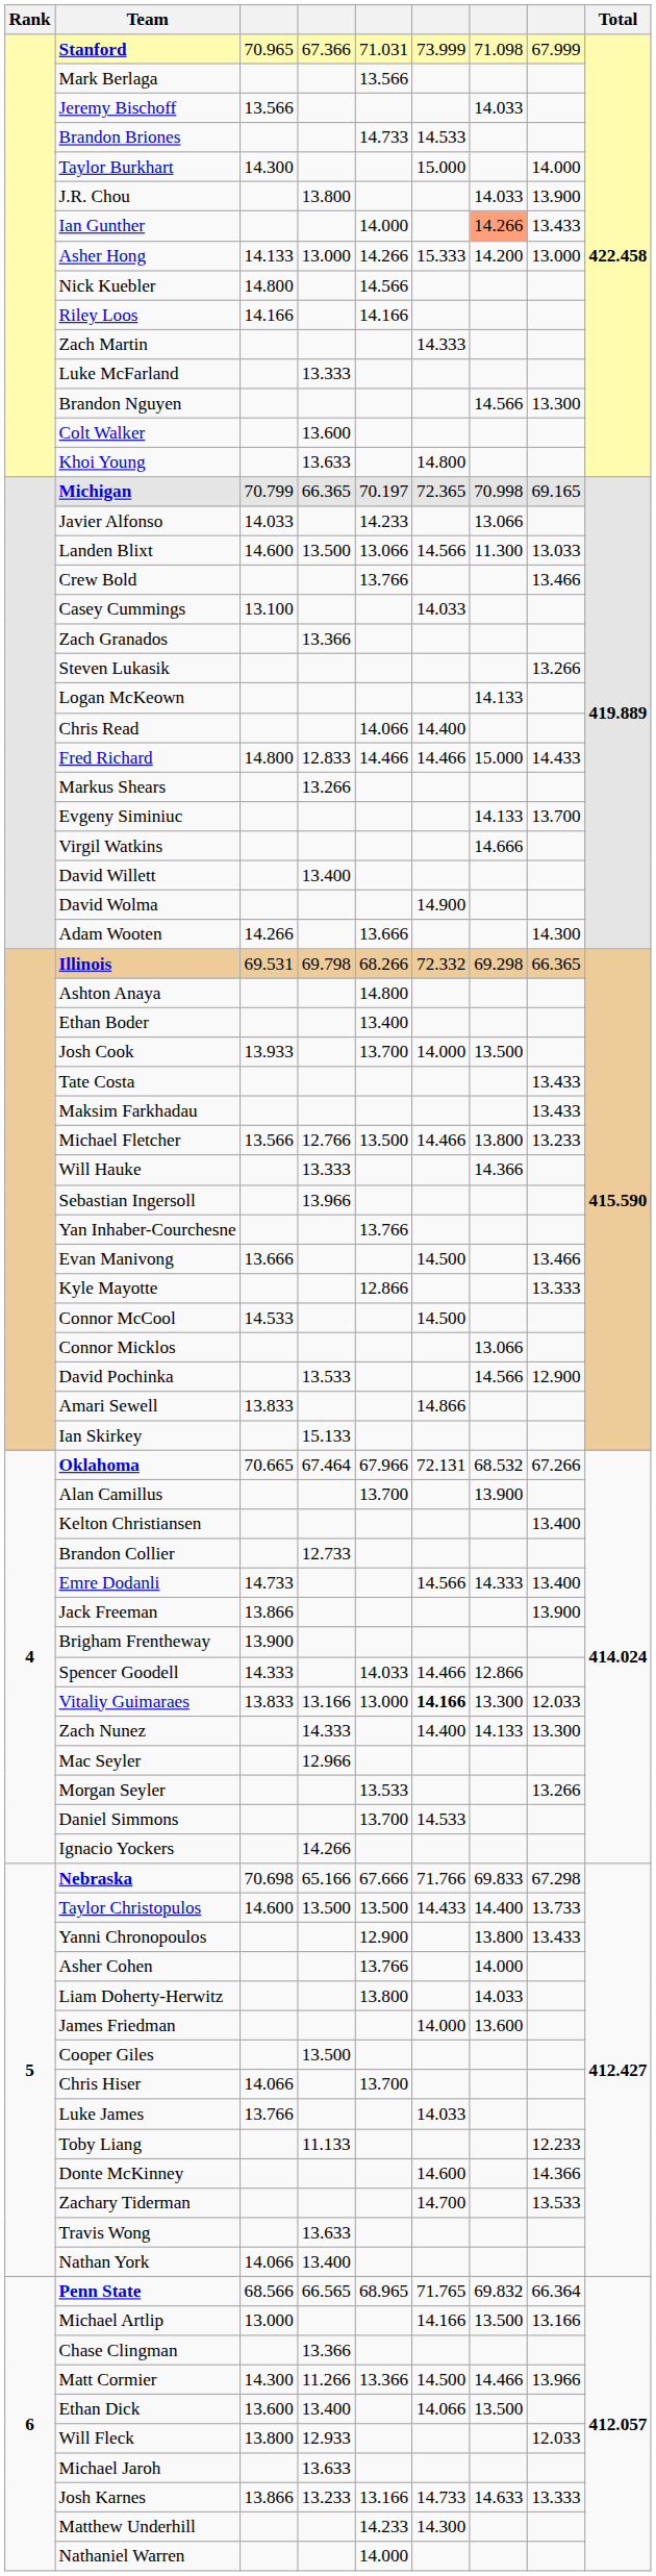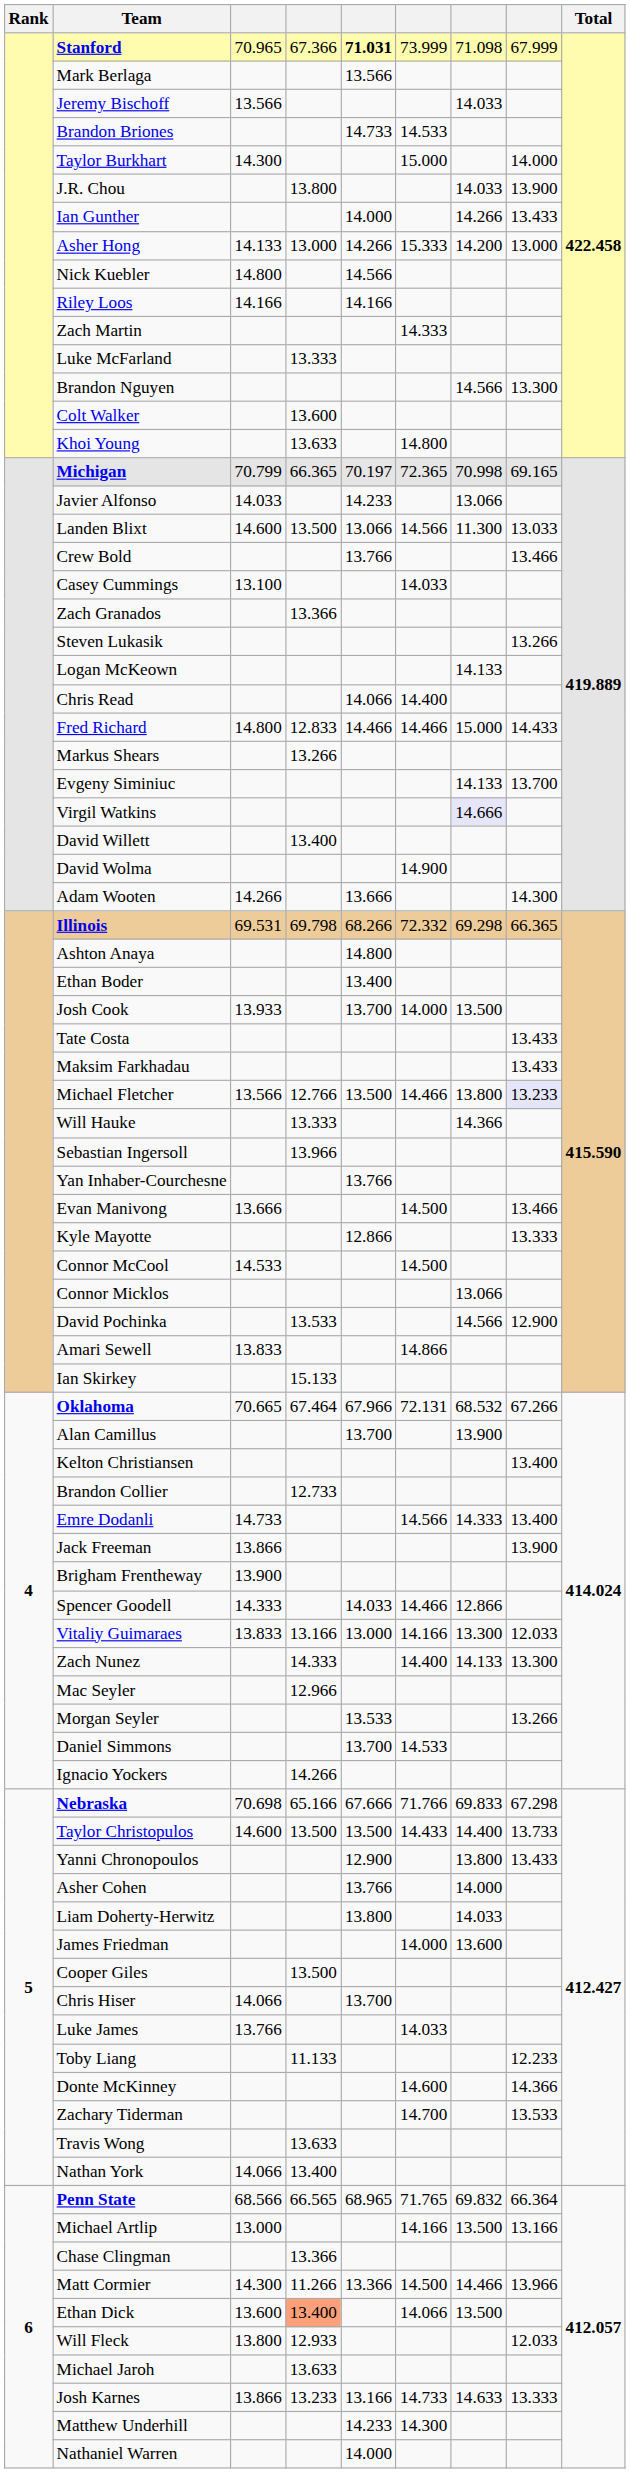 <table class="wikitable" style="text-align:center; font-size:95%">
 <tr>
 <th rowspan="1">Rank</th>
 <th rowspan="1">Team</th>
 <th colspan="1"></th>
 <th colspan="1"></th>
 <th colspan="1"></th>
 <th colspan="1"></th>
 <th colspan="1"></th>
 <th colspan="1"></th>
 <th rowspan="1">Total</th>
 </tr>
 <tr style="background:#fffcaf;">
 <td rowspan="15"></td>
 <td style="text-align:left;"><strong><a href='#'>Stanford</a></strong></td>
 <td>70.965</td>
 <td>67.366</td>
-<td>71.031</td>
+<td><strong>71.031</strong></td>
 <td>73.999</td>
 <td>71.098</td>
 <td>67.999</td>
 <td rowspan="15"><strong>422.458</strong></td>
 </tr>
 <tr>
 <td style="text-align:left;">Mark Berlaga</td>
 <td></td>
 <td></td>
 <td>13.566</td>
 <td></td>
 <td></td>
 <td></td>
 </tr>
 <tr>
 <td style="text-align:left;"><a href='#'>Jeremy Bischoff</a></td>
 <td>13.566</td>
 <td></td>
 <td></td>
 <td></td>
 <td>14.033</td>
 <td></td>
 </tr>
 <tr>
 <td style="text-align:left;"><a href='#'>Brandon Briones</a></td>
 <td></td>
 <td></td>
 <td>14.733</td>
 <td>14.533</td>
 <td></td>
 <td></td>
 </tr>
 <tr>
 <td style="text-align:left;"><a href='#'>Taylor Burkhart</a></td>
 <td>14.300</td>
 <td></td>
 <td></td>
 <td>15.000</td>
 <td></td>
 <td>14.000</td>
 </tr>
 <tr>
 <td style="text-align:left;">J.R. Chou</td>
 <td></td>
 <td>13.800</td>
 <td></td>
 <td></td>
 <td>14.033</td>
 <td>13.900</td>
 </tr>
 <tr>
 <td style="text-align:left;"><a href='#'>Ian Gunther</a></td>
 <td></td>
 <td></td>
 <td>14.000</td>
 <td></td>
-<td style="background: lightsalmon;">14.266</td>
+<td>14.266</td>
 <td>13.433</td>
 </tr>
 <tr>
 <td style="text-align:left;"><a href='#'>Asher Hong</a></td>
 <td>14.133</td>
 <td>13.000</td>
 <td>14.266</td>
 <td>15.333</td>
 <td>14.200</td>
 <td>13.000</td>
 </tr>
 <tr>
 <td style="text-align:left;">Nick Kuebler</td>
 <td>14.800</td>
 <td></td>
 <td>14.566</td>
 <td></td>
 <td></td>
 <td></td>
 </tr>
 <tr>
 <td style="text-align:left;"><a href='#'>Riley Loos</a></td>
 <td>14.166</td>
 <td></td>
 <td>14.166</td>
 <td></td>
 <td></td>
 <td></td>
 </tr>
 <tr>
 <td style="text-align:left;">Zach Martin</td>
 <td></td>
 <td></td>
 <td></td>
 <td>14.333</td>
 <td></td>
 <td></td>
 </tr>
 <tr>
 <td style="text-align:left;">Luke McFarland</td>
 <td></td>
 <td>13.333</td>
 <td></td>
 <td></td>
 <td></td>
 <td></td>
 </tr>
 <tr>
 <td style="text-align:left;">Brandon Nguyen</td>
 <td></td>
 <td></td>
 <td></td>
 <td></td>
 <td>14.566</td>
 <td>13.300</td>
 </tr>
 <tr>
 <td style="text-align:left;"><a href='#'>Colt Walker</a></td>
 <td></td>
 <td>13.600</td>
 <td></td>
 <td></td>
 <td></td>
 <td></td>
 </tr>
 <tr>
 <td style="text-align:left;"><a href='#'>Khoi Young</a></td>
 <td></td>
 <td>13.633</td>
 <td></td>
 <td>14.800</td>
 <td></td>
 <td></td>
 </tr>
 <tr style="background:#e5e5e5;">
 <td rowspan="16"></td>
 <td style="text-align:left;"><strong><a href='#'>Michigan</a></strong></td>
 <td>70.799</td>
 <td>66.365</td>
 <td>70.197</td>
 <td>72.365</td>
 <td>70.998</td>
 <td>69.165</td>
 <td rowspan="16"><strong>419.889</strong></td>
 </tr>
 <tr>
 <td style="text-align:left;">Javier Alfonso</td>
 <td>14.033</td>
 <td></td>
 <td>14.233</td>
 <td></td>
 <td>13.066</td>
 <td></td>
 </tr>
 <tr>
 <td style="text-align:left;">Landen Blixt</td>
 <td>14.600</td>
 <td>13.500</td>
 <td>13.066</td>
 <td>14.566</td>
 <td>11.300</td>
 <td>13.033</td>
 </tr>
 <tr>
 <td style="text-align:left;">Crew Bold</td>
 <td></td>
 <td></td>
 <td>13.766</td>
 <td></td>
 <td></td>
 <td>13.466</td>
 </tr>
 <tr>
 <td style="text-align:left;">Casey Cummings</td>
 <td>13.100</td>
 <td></td>
 <td></td>
 <td>14.033</td>
 <td></td>
 <td></td>
 </tr>
 <tr>
 <td style="text-align:left;">Zach Granados</td>
 <td></td>
 <td>13.366</td>
 <td></td>
 <td></td>
 <td></td>
 <td></td>
 </tr>
 <tr>
 <td style="text-align:left;">Steven Lukasik</td>
 <td></td>
 <td></td>
 <td></td>
 <td></td>
 <td></td>
 <td>13.266</td>
 </tr>
 <tr>
 <td style="text-align:left;">Logan McKeown</td>
 <td></td>
 <td></td>
 <td></td>
 <td></td>
 <td>14.133</td>
 <td></td>
 </tr>
 <tr>
 <td style="text-align:left;">Chris Read</td>
 <td></td>
 <td></td>
 <td>14.066</td>
 <td>14.400</td>
 <td></td>
 <td></td>
 </tr>
 <tr>
 <td style="text-align:left;"><a href='#'>Fred Richard</a></td>
 <td>14.800</td>
 <td>12.833</td>
 <td>14.466</td>
 <td>14.466</td>
 <td>15.000</td>
 <td>14.433</td>
 </tr>
 <tr>
 <td style="text-align:left;">Markus Shears</td>
 <td></td>
 <td>13.266</td>
 <td></td>
 <td></td>
 <td></td>
 <td></td>
 </tr>
 <tr>
 <td style="text-align:left;">Evgeny Siminiuc</td>
 <td></td>
 <td></td>
 <td></td>
 <td></td>
 <td>14.133</td>
 <td>13.700</td>
 </tr>
 <tr>
 <td style="text-align:left;">Virgil Watkins</td>
 <td></td>
 <td></td>
 <td></td>
 <td></td>
-<td>14.666</td>
+<td style="background: lavender;">14.666</td>
 <td></td>
 </tr>
 <tr>
 <td style="text-align:left;">David Willett</td>
 <td></td>
 <td>13.400</td>
 <td></td>
 <td></td>
 <td></td>
 <td></td>
 </tr>
 <tr>
 <td style="text-align:left;">David Wolma</td>
 <td></td>
 <td></td>
 <td></td>
 <td>14.900</td>
 <td></td>
 <td></td>
 </tr>
 <tr>
 <td style="text-align:left;">Adam Wooten</td>
 <td>14.266</td>
 <td></td>
 <td>13.666</td>
 <td></td>
 <td></td>
 <td>14.300</td>
 </tr>
 <tr style="background:#ec9;">
 <td rowspan="17"></td>
 <td style="text-align:left;"><strong><a href='#'>Illinois</a></strong></td>
 <td>69.531</td>
 <td>69.798</td>
 <td>68.266</td>
 <td>72.332</td>
 <td>69.298</td>
 <td>66.365</td>
 <td rowspan="17"><strong>415.590</strong></td>
 </tr>
 <tr>
 <td style="text-align:left;">Ashton Anaya</td>
 <td></td>
 <td></td>
 <td>14.800</td>
 <td></td>
 <td></td>
 <td></td>
 </tr>
 <tr>
 <td style="text-align:left;">Ethan Boder</td>
 <td></td>
 <td></td>
 <td>13.400</td>
 <td></td>
 <td></td>
 <td></td>
 </tr>
 <tr>
 <td style="text-align:left;">Josh Cook</td>
 <td>13.933</td>
 <td></td>
 <td>13.700</td>
 <td>14.000</td>
 <td>13.500</td>
 <td></td>
 </tr>
 <tr>
 <td style="text-align:left;">Tate Costa</td>
 <td></td>
 <td></td>
 <td></td>
 <td></td>
 <td></td>
 <td>13.433</td>
 </tr>
 <tr>
 <td style="text-align:left;">Maksim Farkhadau</td>
 <td></td>
 <td></td>
 <td></td>
 <td></td>
 <td></td>
 <td>13.433</td>
 </tr>
 <tr>
 <td style="text-align:left;">Michael Fletcher</td>
 <td>13.566</td>
 <td>12.766</td>
 <td>13.500</td>
 <td>14.466</td>
 <td>13.800</td>
-<td>13.233</td>
+<td style="background: lavender;">13.233</td>
 </tr>
 <tr>
 <td style="text-align:left;">Will Hauke</td>
 <td></td>
 <td>13.333</td>
 <td></td>
 <td></td>
 <td>14.366</td>
 <td></td>
 </tr>
 <tr>
 <td style="text-align:left;">Sebastian Ingersoll</td>
 <td></td>
 <td>13.966</td>
 <td></td>
 <td></td>
 <td></td>
 <td></td>
 </tr>
 <tr>
 <td style="text-align:left;">Yan Inhaber-Courchesne</td>
 <td></td>
 <td></td>
 <td>13.766</td>
 <td></td>
 <td></td>
 <td></td>
 </tr>
 <tr>
 <td style="text-align:left;">Evan Manivong</td>
 <td>13.666</td>
 <td></td>
 <td></td>
 <td>14.500</td>
 <td></td>
 <td>13.466</td>
 </tr>
 <tr>
 <td style="text-align:left;">Kyle Mayotte</td>
 <td></td>
 <td></td>
 <td>12.866</td>
 <td></td>
 <td></td>
 <td>13.333</td>
 </tr>
 <tr>
 <td style="text-align:left;">Connor McCool</td>
 <td>14.533</td>
 <td></td>
 <td></td>
 <td>14.500</td>
 <td></td>
 <td></td>
 </tr>
 <tr>
 <td style="text-align:left;">Connor Micklos</td>
 <td></td>
 <td></td>
 <td></td>
 <td></td>
 <td>13.066</td>
 <td></td>
 </tr>
 <tr>
 <td style="text-align:left;">David Pochinka</td>
 <td></td>
 <td>13.533</td>
 <td></td>
 <td></td>
 <td>14.566</td>
 <td>12.900</td>
 </tr>
 <tr>
 <td style="text-align:left;">Amari Sewell</td>
 <td>13.833</td>
 <td></td>
 <td></td>
 <td>14.866</td>
 <td></td>
 <td></td>
 </tr>
 <tr>
 <td style="text-align:left;">Ian Skirkey</td>
 <td></td>
 <td>15.133</td>
 <td></td>
 <td></td>
 <td></td>
 <td></td>
 </tr>
 <tr>
 <td rowspan="14"><strong>4</strong></td>
 <td style="text-align:left;"><strong><a href='#'>Oklahoma</a></strong></td>
 <td>70.665</td>
 <td>67.464</td>
 <td>67.966</td>
 <td>72.131</td>
 <td>68.532</td>
 <td>67.266</td>
 <td rowspan="14"><strong>414.024</strong></td>
 </tr>
 <tr>
 <td style="text-align:left;">Alan Camillus</td>
 <td></td>
 <td></td>
 <td>13.700</td>
 <td></td>
 <td>13.900</td>
 <td></td>
 </tr>
 <tr>
 <td style="text-align:left;">Kelton Christiansen</td>
 <td></td>
 <td></td>
 <td></td>
 <td></td>
 <td></td>
 <td>13.400</td>
 </tr>
 <tr>
 <td style="text-align:left;">Brandon Collier</td>
 <td></td>
 <td>12.733</td>
 <td></td>
 <td></td>
 <td></td>
 <td></td>
 </tr>
 <tr>
 <td style="text-align:left;"><a href='#'>Emre Dodanli</a></td>
 <td>14.733</td>
 <td></td>
 <td></td>
 <td>14.566</td>
 <td>14.333</td>
 <td>13.400</td>
 </tr>
 <tr>
 <td style="text-align:left;">Jack Freeman</td>
 <td>13.866</td>
 <td></td>
 <td></td>
 <td></td>
 <td></td>
 <td>13.900</td>
 </tr>
 <tr>
 <td style="text-align:left;">Brigham Frentheway</td>
 <td>13.900</td>
 <td></td>
 <td></td>
 <td></td>
 <td></td>
 <td></td>
 </tr>
 <tr>
 <td style="text-align:left;">Spencer Goodell</td>
 <td>14.333</td>
 <td></td>
 <td>14.033</td>
 <td>14.466</td>
 <td>12.866</td>
 <td></td>
 </tr>
 <tr>
 <td style="text-align:left;"><a href='#'>Vitaliy Guimaraes</a></td>
 <td>13.833</td>
 <td>13.166</td>
 <td>13.000</td>
-<td><strong>14.166</strong></td>
+<td>14.166</td>
 <td>13.300</td>
 <td>12.033</td>
 </tr>
 <tr>
 <td style="text-align:left;">Zach Nunez</td>
 <td></td>
 <td>14.333</td>
 <td></td>
 <td>14.400</td>
 <td>14.133</td>
 <td>13.300</td>
 </tr>
 <tr>
 <td style="text-align:left;">Mac Seyler</td>
 <td></td>
 <td>12.966</td>
 <td></td>
 <td></td>
 <td></td>
 <td></td>
 </tr>
 <tr>
 <td style="text-align:left;">Morgan Seyler</td>
 <td></td>
 <td></td>
 <td>13.533</td>
 <td></td>
 <td></td>
 <td>13.266</td>
 </tr>
 <tr>
 <td style="text-align:left;">Daniel Simmons</td>
 <td></td>
 <td></td>
 <td>13.700</td>
 <td>14.533</td>
 <td></td>
 <td></td>
 </tr>
 <tr>
 <td style="text-align:left;">Ignacio Yockers</td>
 <td></td>
 <td>14.266</td>
 <td></td>
 <td></td>
 <td></td>
 <td></td>
 </tr>
 <tr>
 <td rowspan="14"><strong>5</strong></td>
 <td style="text-align:left;"><strong><a href='#'>Nebraska</a></strong></td>
 <td>70.698</td>
 <td>65.166</td>
 <td>67.666</td>
 <td>71.766</td>
 <td>69.833</td>
 <td>67.298</td>
 <td rowspan="14"><strong>412.427</strong></td>
 </tr>
 <tr>
 <td style="text-align:left;"><a href='#'>Taylor Christopulos</a></td>
 <td>14.600</td>
 <td>13.500</td>
 <td>13.500</td>
 <td>14.433</td>
 <td>14.400</td>
 <td>13.733</td>
 </tr>
 <tr>
 <td style="text-align:left;">Yanni Chronopoulos</td>
 <td></td>
 <td></td>
 <td>12.900</td>
 <td></td>
 <td>13.800</td>
 <td>13.433</td>
 </tr>
 <tr>
 <td style="text-align:left;">Asher Cohen</td>
 <td></td>
 <td></td>
 <td>13.766</td>
 <td></td>
 <td>14.000</td>
 <td></td>
 </tr>
 <tr>
 <td style="text-align:left;">Liam Doherty-Herwitz</td>
 <td></td>
 <td></td>
 <td>13.800</td>
 <td></td>
 <td>14.033</td>
 <td></td>
 </tr>
 <tr>
 <td style="text-align:left;">James Friedman</td>
 <td></td>
 <td></td>
 <td></td>
 <td>14.000</td>
 <td>13.600</td>
 <td></td>
 </tr>
 <tr>
 <td style="text-align:left;">Cooper Giles</td>
 <td></td>
 <td>13.500</td>
 <td></td>
 <td></td>
 <td></td>
 <td></td>
 </tr>
 <tr>
 <td style="text-align:left;">Chris Hiser</td>
 <td>14.066</td>
 <td></td>
 <td>13.700</td>
 <td></td>
 <td></td>
 <td></td>
 </tr>
 <tr>
 <td style="text-align:left;">Luke James</td>
 <td>13.766</td>
 <td></td>
 <td></td>
 <td>14.033</td>
 <td></td>
 <td></td>
 </tr>
 <tr>
 <td style="text-align:left;">Toby Liang</td>
 <td></td>
 <td>11.133</td>
 <td></td>
 <td></td>
 <td></td>
 <td>12.233</td>
 </tr>
 <tr>
 <td style="text-align:left;">Donte McKinney</td>
 <td></td>
 <td></td>
 <td></td>
 <td>14.600</td>
 <td></td>
 <td>14.366</td>
 </tr>
 <tr>
 <td style="text-align:left;">Zachary Tiderman</td>
 <td></td>
 <td></td>
 <td></td>
 <td>14.700</td>
 <td></td>
 <td>13.533</td>
 </tr>
 <tr>
 <td style="text-align:left;">Travis Wong</td>
 <td></td>
 <td>13.633</td>
 <td></td>
 <td></td>
 <td></td>
 <td></td>
 </tr>
 <tr>
 <td style="text-align:left;">Nathan York</td>
 <td>14.066</td>
 <td>13.400</td>
 <td></td>
 <td></td>
 <td></td>
 <td></td>
 </tr>
 <tr>
 <td rowspan="10"><strong>6</strong></td>
 <td style="text-align:left;"><strong><a href='#'>Penn State</a></strong></td>
 <td>68.566</td>
 <td>66.565</td>
 <td>68.965</td>
 <td>71.765</td>
 <td>69.832</td>
 <td>66.364</td>
 <td rowspan="10"><strong>412.057</strong></td>
 </tr>
 <tr>
 <td style="text-align:left;">Michael Artlip</td>
 <td>13.000</td>
 <td></td>
 <td></td>
 <td>14.166</td>
 <td>13.500</td>
 <td>13.166</td>
 </tr>
 <tr>
 <td style="text-align:left;">Chase Clingman</td>
 <td></td>
 <td>13.366</td>
 <td></td>
 <td></td>
 <td></td>
 <td></td>
 </tr>
 <tr>
 <td style="text-align:left;">Matt Cormier</td>
 <td>14.300</td>
 <td>11.266</td>
 <td>13.366</td>
 <td>14.500</td>
 <td>14.466</td>
 <td>13.966</td>
 </tr>
 <tr>
 <td style="text-align:left;">Ethan Dick</td>
 <td>13.600</td>
-<td>13.400</td>
+<td style="background: lightsalmon;">13.400</td>
 <td></td>
 <td>14.066</td>
 <td>13.500</td>
 <td></td>
 </tr>
 <tr>
 <td style="text-align:left;">Will Fleck</td>
 <td>13.800</td>
 <td>12.933</td>
 <td></td>
 <td></td>
 <td></td>
 <td>12.033</td>
 </tr>
 <tr>
 <td style="text-align:left;">Michael Jaroh</td>
 <td></td>
 <td>13.633</td>
 <td></td>
 <td></td>
 <td></td>
 <td></td>
 </tr>
 <tr>
 <td style="text-align:left;">Josh Karnes</td>
 <td>13.866</td>
 <td>13.233</td>
 <td>13.166</td>
 <td>14.733</td>
 <td>14.633</td>
 <td>13.333</td>
 </tr>
 <tr>
 <td style="text-align:left;">Matthew Underhill</td>
 <td></td>
 <td></td>
 <td>14.233</td>
 <td>14.300</td>
 <td></td>
 <td></td>
 </tr>
 <tr>
 <td style="text-align:left;">Nathaniel Warren</td>
 <td></td>
 <td></td>
 <td>14.000</td>
 <td></td>
 <td></td>
 <td></td>
 </tr>
 </table>
